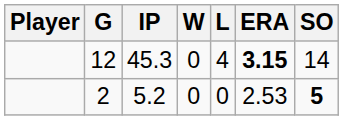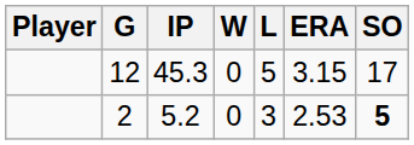 <table class="wikitable sortable">
 <tr>
 <th>Player</th>
 <th>G</th>
 <th>IP</th>
 <th>W</th>
 <th>L</th>
 <th>ERA</th>
 <th>SO</th>
 </tr>
 <tr align="center">
 <td></td>
 <td>12</td>
 <td>45.3</td>
 <td>0</td>
-<td>4</td>
-<td><strong>3.15</strong></td>
-<td>14</td>
+<td>5</td>
+<td>3.15</td>
+<td>17</td>
 </tr>
 <tr align="center">
 <td></td>
 <td>2</td>
 <td>5.2</td>
 <td>0</td>
-<td>0</td>
+<td>3</td>
 <td>2.53</td>
 <td><strong>5</strong></td>
 </tr>
 </table>
